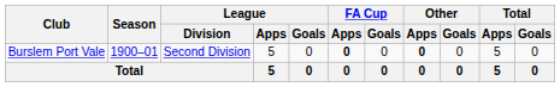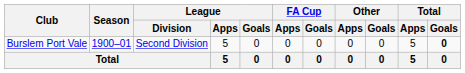 <table class="wikitable" style="text-align:center">
 <tr>
 <th rowspan="2">Club</th>
 <th rowspan="2">Season</th>
 <th colspan="3">League</th>
 <th colspan="2"><a href='#'>FA Cup</a></th>
 <th colspan="2">Other</th>
 <th colspan="2">Total</th>
 </tr>
 <tr>
 <th>Division</th>
 <th>Apps</th>
 <th>Goals</th>
 <th>Apps</th>
 <th>Goals</th>
 <th>Apps</th>
 <th>Goals</th>
 <th>Apps</th>
 <th>Goals</th>
 </tr>
 <tr>
 <td><a href='#'>Burslem Port Vale</a></td>
 <td><a href='#'>1900–01</a></td>
 <td><a href='#'>Second Division</a></td>
 <td>5</td>
 <td>0</td>
-<td><strong>0</strong></td>
 <td>0</td>
-<td><strong>0</strong></td>
+<td>0</td>
+<td>0</td>
 <td>0</td>
 <td>5</td>
-<td>0</td>
+<td><strong>0</strong></td>
 </tr>
 <tr>
 <th colspan="3">Total</th>
 <th>5</th>
 <th>0</th>
 <th>0</th>
 <th>0</th>
 <th>0</th>
 <th>0</th>
 <th>5</th>
 <th>0</th>
 </tr>
 </table>
